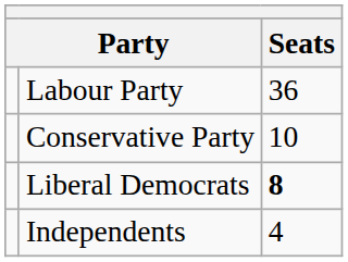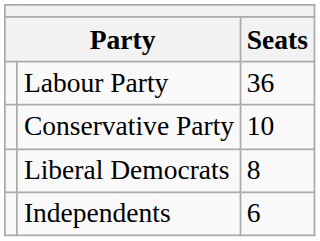 <table class="wikitable">
 <tr>
 <th colspan="3"></th>
 </tr>
 <tr>
 <th colspan="2">Party</th>
 <th>Seats</th>
 </tr>
 <tr>
 <td style="color:inherit;background:"></td>
 <td>Labour Party</td>
 <td>36</td>
 </tr>
 <tr>
 <td style="color:inherit;background:"></td>
 <td>Conservative Party</td>
 <td>10</td>
 </tr>
 <tr>
 <td style="color:inherit;background:"></td>
 <td>Liberal Democrats</td>
-<td><strong>8</strong></td>
+<td>8</td>
 </tr>
 <tr>
 <td style="color:inherit;background:"></td>
 <td>Independents</td>
-<td>4</td>
+<td>6</td>
 </tr>
 </table>
